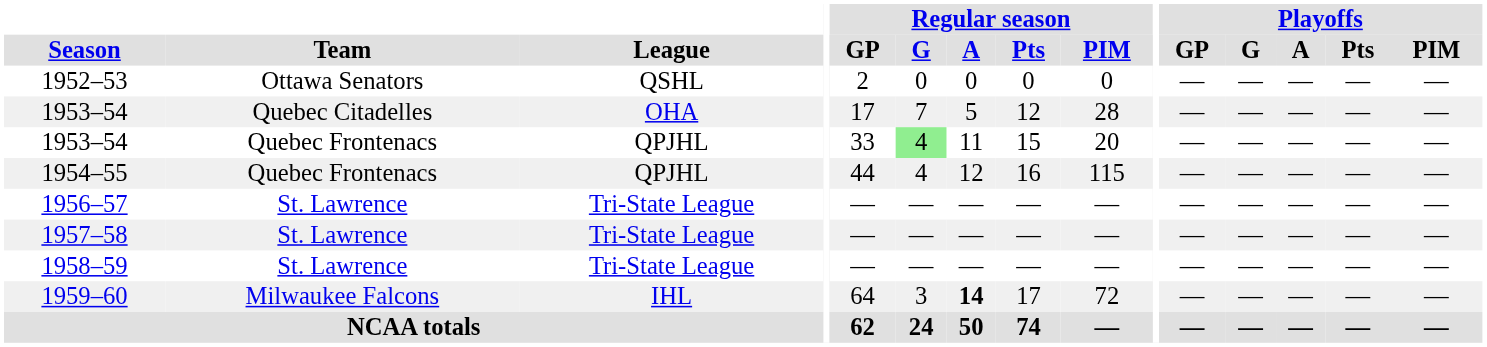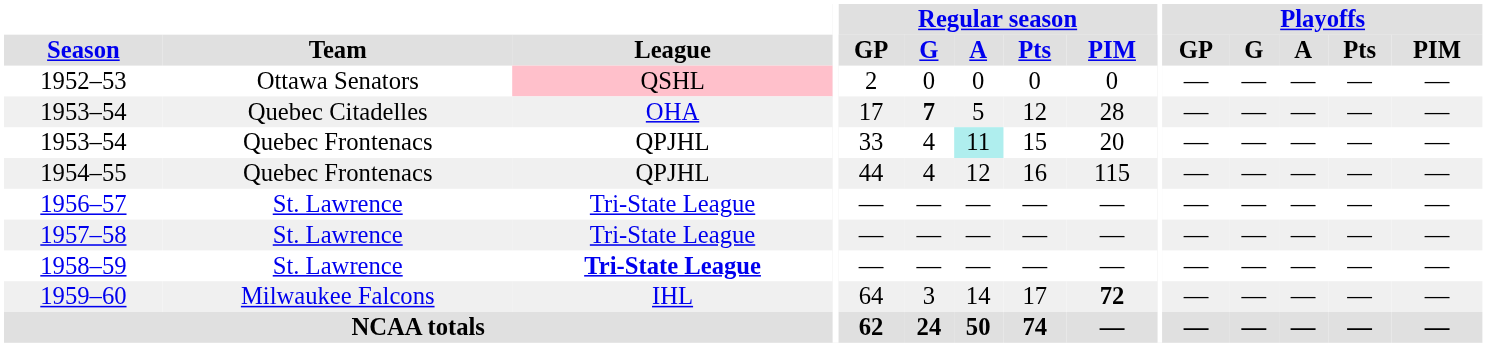 <table border="0" cellpadding="1" cellspacing="0" style="text-align:center; width:60em">
 <tr bgcolor="#e0e0e0">
 <th colspan="3" bgcolor="#ffffff"></th>
 <th rowspan="99" bgcolor="#ffffff"></th>
 <th colspan="5"><a href='#'>Regular season</a></th>
 <th rowspan="99" bgcolor="#ffffff"></th>
 <th colspan="5"><a href='#'>Playoffs</a></th>
 </tr>
 <tr bgcolor="#e0e0e0">
 <th><a href='#'>Season</a></th>
 <th>Team</th>
 <th>League</th>
 <th>GP</th>
 <th><a href='#'>G</a></th>
 <th><a href='#'>A</a></th>
 <th><a href='#'>Pts</a></th>
 <th><a href='#'>PIM</a></th>
 <th>GP</th>
 <th>G</th>
 <th>A</th>
 <th>Pts</th>
 <th>PIM</th>
 </tr>
 <tr>
 <td>1952–53</td>
 <td>Ottawa Senators</td>
-<td>QSHL</td>
+<td style="background: pink;">QSHL</td>
 <td>2</td>
 <td>0</td>
 <td>0</td>
 <td>0</td>
 <td>0</td>
 <td>—</td>
 <td>—</td>
 <td>—</td>
 <td>—</td>
 <td>—</td>
 </tr>
 <tr bgcolor="f0f0f0">
 <td>1953–54</td>
 <td>Quebec Citadelles</td>
 <td><a href='#'>OHA</a></td>
 <td>17</td>
-<td>7</td>
+<td><strong>7</strong></td>
 <td>5</td>
 <td>12</td>
 <td>28</td>
 <td>—</td>
 <td>—</td>
 <td>—</td>
 <td>—</td>
 <td>—</td>
 </tr>
 <tr>
 <td>1953–54</td>
 <td>Quebec Frontenacs</td>
 <td>QPJHL</td>
 <td>33</td>
-<td style="background: lightgreen;">4</td>
-<td>11</td>
+<td>4</td>
+<td style="background: paleturquoise;">11</td>
 <td>15</td>
 <td>20</td>
 <td>—</td>
 <td>—</td>
 <td>—</td>
 <td>—</td>
 <td>—</td>
 </tr>
 <tr bgcolor="f0f0f0">
 <td>1954–55</td>
 <td>Quebec Frontenacs</td>
 <td>QPJHL</td>
 <td>44</td>
 <td>4</td>
 <td>12</td>
 <td>16</td>
 <td>115</td>
 <td>—</td>
 <td>—</td>
 <td>—</td>
 <td>—</td>
 <td>—</td>
 </tr>
 <tr>
 <td><a href='#'>1956–57</a></td>
 <td><a href='#'>St. Lawrence</a></td>
 <td><a href='#'>Tri-State League</a></td>
 <td>—</td>
 <td>—</td>
 <td>—</td>
 <td>—</td>
 <td>—</td>
 <td>—</td>
 <td>—</td>
 <td>—</td>
 <td>—</td>
 <td>—</td>
 </tr>
 <tr bgcolor="f0f0f0">
 <td><a href='#'>1957–58</a></td>
 <td><a href='#'>St. Lawrence</a></td>
 <td><a href='#'>Tri-State League</a></td>
 <td>—</td>
 <td>—</td>
 <td>—</td>
 <td>—</td>
 <td>—</td>
 <td>—</td>
 <td>—</td>
 <td>—</td>
 <td>—</td>
 <td>—</td>
 </tr>
 <tr>
 <td><a href='#'>1958–59</a></td>
 <td><a href='#'>St. Lawrence</a></td>
-<td><a href='#'>Tri-State League</a></td>
+<td><strong><a href='#'>Tri-State League</a></strong></td>
 <td>—</td>
 <td>—</td>
 <td>—</td>
 <td>—</td>
 <td>—</td>
 <td>—</td>
 <td>—</td>
 <td>—</td>
 <td>—</td>
 <td>—</td>
 </tr>
 <tr bgcolor="f0f0f0">
 <td><a href='#'>1959–60</a></td>
 <td><a href='#'>Milwaukee Falcons</a></td>
 <td><a href='#'>IHL</a></td>
 <td>64</td>
 <td>3</td>
-<td><strong>14</strong></td>
+<td>14</td>
 <td>17</td>
-<td>72</td>
+<td><strong>72</strong></td>
 <td>—</td>
 <td>—</td>
 <td>—</td>
 <td>—</td>
 <td>—</td>
 </tr>
 <tr bgcolor="#e0e0e0">
 <th colspan="3">NCAA totals</th>
 <th>62</th>
 <th>24</th>
 <th>50</th>
 <th>74</th>
 <th>—</th>
 <th>—</th>
 <th>—</th>
 <th>—</th>
 <th>—</th>
 <th>—</th>
 </tr>
 </table>
